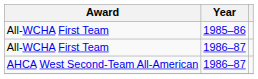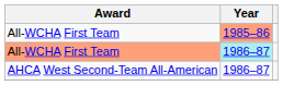 <table class="wikitable">
 <tr>
 <th>Award</th>
 <th>Year</th>
 <th></th>
 </tr>
 <tr>
 <td>All-<a href='#'>WCHA</a> <a href='#'>First Team</a></td>
-<td><a href='#'>1985–86</a></td>
+<td style="background: lightsalmon;"><a href='#'>1985–86</a></td>
 <td></td>
 </tr>
 <tr>
-<td>All-<a href='#'>WCHA</a> <a href='#'>First Team</a></td>
-<td><a href='#'>1986–87</a></td>
+<td style="background: lightsalmon;">All-<a href='#'>WCHA</a> <a href='#'>First Team</a></td>
+<td style="background: paleturquoise;"><a href='#'>1986–87</a></td>
 <td></td>
 </tr>
 <tr>
 <td><a href='#'>AHCA</a> <a href='#'>West Second-Team All-American</a></td>
 <td><a href='#'>1986–87</a></td>
 <td></td>
 </tr>
 <tr>
 </tr>
 </table>
